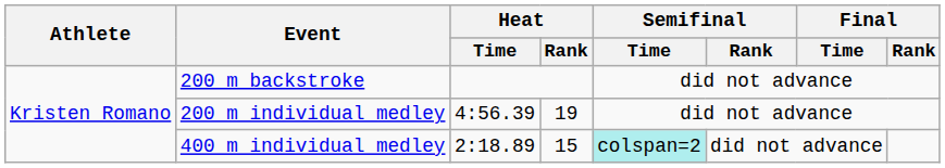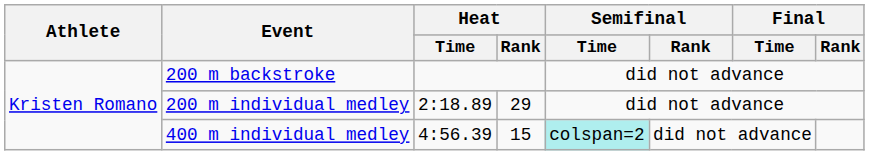 <table class="wikitable" style="text-align:center; font-size:90%">
 <tr>
 <th rowspan="2">Athlete</th>
 <th rowspan="2">Event</th>
 <th colspan="2">Heat</th>
 <th colspan="2">Semifinal</th>
 <th colspan="2">Final</th>
 </tr>
 <tr style="font-size:95%">
 <th>Time</th>
 <th>Rank</th>
 <th>Time</th>
 <th>Rank</th>
 <th>Time</th>
 <th>Rank</th>
 </tr>
 <tr>
 <td align=left rowspan=3><a href='#'>Kristen Romano</a></td>
 <td align=left><a href='#'>200 m backstroke</a></td>
 <td colspan=2></td>
 <td colspan=4>did not advance</td>
 </tr>
 <tr>
 <td align=left><a href='#'>200 m individual medley</a></td>
-<td>4:56.39</td>
-<td>19</td>
+<td>2:18.89</td>
+<td>29</td>
 <td colspan=4>did not advance</td>
 </tr>
 <tr>
 <td align=left><a href='#'>400 m individual medley</a></td>
-<td>2:18.89</td>
+<td>4:56.39</td>
 <td>15</td>
 <td style="background: paleturquoise;">colspan=2 </td>
 <td colspan=2>did not advance</td>
 </tr>
 </table>
